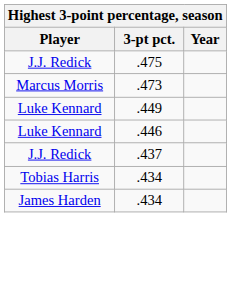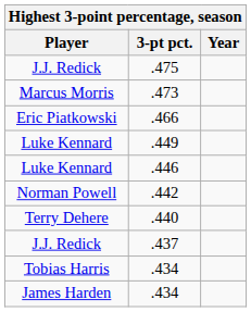 <table class="wikitable sortable" style="text-align:center">
 <tr>
 <th colspan="3">Highest 3-point percentage, season</th>
 </tr>
 <tr>
 <th>Player</th>
 <th>3-pt pct.</th>
 <th>Year</th>
 </tr>
 <tr>
 <td><a href='#'>J.J. Redick</a></td>
 <td>.475</td>
 <td></td>
 </tr>
 <tr>
 <td><a href='#'>Marcus Morris</a></td>
 <td>.473</td>
 <td></td>
 </tr>
 <tr>
+<td><a href='#'>Eric Piatkowski</a></td>
+<td>.466</td>
+<td></td>
+</tr>
+<tr>
 <td><a href='#'>Luke Kennard</a></td>
 <td>.449</td>
 <td></td>
 </tr>
 <tr>
 <td><a href='#'>Luke Kennard</a></td>
 <td>.446</td>
+<td></td>
+</tr>
+<tr>
+<td><a href='#'>Norman Powell</a></td>
+<td>.442</td>
+<td></td>
+</tr>
+<tr>
+<td><a href='#'>Terry Dehere</a></td>
+<td>.440</td>
 <td></td>
 </tr>
 <tr>
 <td><a href='#'>J.J. Redick</a></td>
 <td>.437</td>
 <td></td>
 </tr>
 <tr>
 <td><a href='#'>Tobias Harris</a></td>
 <td>.434</td>
 <td></td>
 </tr>
 <tr>
 <td><a href='#'>James Harden</a></td>
 <td>.434</td>
 <td></td>
 </tr>
 </table>
